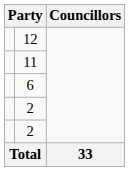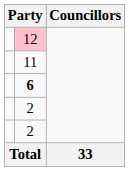 <table class="wikitable">
 <tr>
 <th colspan=2>Party</th>
 <th>Councillors</th>
 </tr>
 <tr>
 <td></td>
-<td align=center>12</td>
+<td align=center style="background: pink;">12</td>
 </tr>
 <tr>
 <td></td>
 <td align=center>11</td>
 </tr>
 <tr>
 <td></td>
-<td align=center>6</td>
+<td align=center><strong>6</strong></td>
 </tr>
 <tr>
 <td></td>
 <td align=center>2</td>
 </tr>
 <tr>
 <td></td>
 <td align=center>2</td>
 </tr>
 <tr>
 <th colspan=2>Total</th>
 <th align=center>33</th>
 </tr>
 </table>
